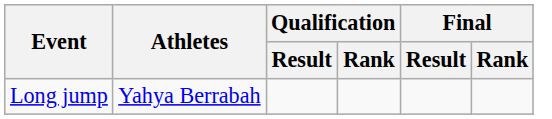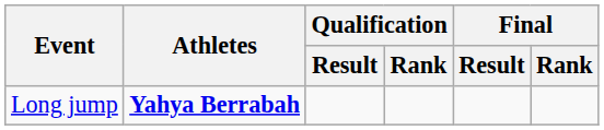 <table class="wikitable" border="1" style="font-size:90%">
 <tr>
 <th rowspan="2">Event</th>
 <th rowspan="2">Athletes</th>
 <th colspan="2">Qualification</th>
 <th colspan="2">Final</th>
 </tr>
 <tr>
 <th>Result</th>
 <th>Rank</th>
 <th>Result</th>
 <th>Rank</th>
 </tr>
 <tr>
 <td><a href='#'>Long jump</a></td>
-<td><a href='#'>Yahya Berrabah</a></td>
+<td><strong><a href='#'>Yahya Berrabah</a></strong></td>
 <td align=center></td>
 <td align=center></td>
 <td align=center></td>
 <td align=center></td>
 </tr>
 </table>
